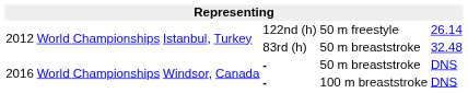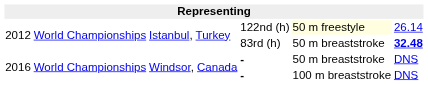 <table>
 <tr>
 <th bgcolor="#eeeeee" colspan="6">Representing </th>
 </tr>
 <tr>
 <td rowspan=2>2012</td>
 <td rowspan=2><a href='#'>World Championships</a></td>
 <td rowspan=2 align=left> <a href='#'>Istanbul</a>, <a href='#'>Turkey</a></td>
 <td>122nd (h)</td>
-<td>50 m freestyle</td>
+<td style="background: lightyellow;">50 m freestyle</td>
 <td><a href='#'>26.14</a></td>
 </tr>
 <tr>
 <td>83rd (h)</td>
 <td>50 m breaststroke</td>
-<td><a href='#'>32.48</a></td>
+<td><strong><a href='#'>32.48</a></strong></td>
 </tr>
 <tr>
 <td rowspan=2>2016</td>
 <td rowspan=2><a href='#'>World Championships</a></td>
 <td rowspan=2 align=left> <a href='#'>Windsor</a>, <a href='#'>Canada</a></td>
 <td><strong>-</strong></td>
 <td>50 m breaststroke</td>
 <td><a href='#'>DNS</a></td>
 </tr>
 <tr>
 <td><strong>-</strong></td>
 <td>100 m breaststroke</td>
 <td><a href='#'>DNS</a></td>
 </tr>
 </table>
